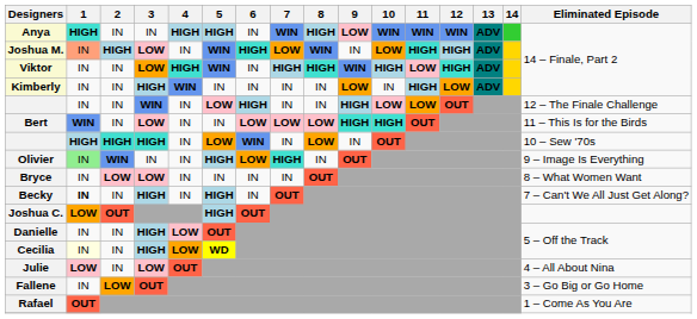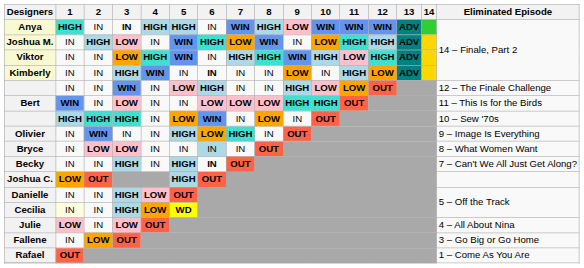 <table class="wikitable" style="text-align:center">
 <tr>
 <th>Designers</th>
 <th>1 </th>
 <th>2</th>
 <th>3</th>
 <th>4</th>
 <th>5  </th>
 <th>6</th>
 <th>7</th>
 <th>8</th>
 <th>9</th>
 <th>10 </th>
 <th>11</th>
 <th>12</th>
 <th>13</th>
 <th>14</th>
 <th>Eliminated Episode</th>
 </tr>
 <tr>
 <th style="background:#FAFAD2;">Anya</th>
 <td style="background:turquoise;"><strong>HIGH</strong></td>
 <td>IN</td>
-<td>IN</td>
+<td><strong>IN</strong></td>
 <td style="background:lightblue;"><strong>HIGH</strong></td>
 <td style="background:lightblue;"><strong>HIGH</strong></td>
 <td>IN</td>
 <td style="background:cornflowerblue;"><strong>WIN</strong></td>
 <td style="background:lightblue;"><strong>HIGH</strong></td>
 <td style="background:pink;"><strong>LOW</strong></td>
 <td style="background:cornflowerblue;"><strong>WIN</strong></td>
 <td style="background:cornflowerblue;"><strong>WIN</strong></td>
 <td style="background:cornflowerblue;"><strong>WIN</strong></td>
 <td style="background:teal;"><strong>ADV</strong></td>
 <td style="background:limegreen;"></td>
 <td style="text-align:left" rowspan="4">14 – Finale, Part 2</td>
 </tr>
 <tr>
 <th style="background:#FAFAD2;">Joshua M.</th>
-<td style="background: lightsalmon;">IN</td>
+<td>IN</td>
 <td style="background:lightblue;"><strong>HIGH</strong></td>
 <td style="background:pink;"><strong>LOW</strong></td>
 <td>IN</td>
 <td style="background:cornflowerblue;"><strong>WIN</strong></td>
 <td style="background:turquoise;"><strong>HIGH</strong></td>
 <td style="background:orange;"><strong>LOW</strong></td>
 <td style="background:cornflowerblue;"><strong>WIN</strong></td>
 <td>IN</td>
 <td style="background:orange;"><strong>LOW</strong></td>
 <td style="background:turquoise;"><strong>HIGH</strong></td>
 <td style="background:lightblue;"><strong>HIGH</strong></td>
 <td style="background:teal;"><strong>ADV</strong></td>
 <td style="background:gold;"></td>
 </tr>
 <tr>
 <th style="background:#FAFAD2;">Viktor</th>
 <td>IN</td>
 <td>IN</td>
 <td style="background:orange;"><strong>LOW</strong></td>
 <td style="background:turquoise;"><strong>HIGH</strong></td>
 <td style="background:cornflowerblue;"><strong>WIN</strong></td>
 <td>IN</td>
 <td style="background:lightblue;"><strong>HIGH</strong></td>
 <td style="background:turquoise;"><strong>HIGH</strong></td>
 <td style="background:cornflowerblue;"><strong>WIN</strong></td>
 <td style="background:lightblue;"><strong>HIGH</strong></td>
 <td style="background:pink;"><strong>LOW</strong></td>
 <td style="background:turquoise;"><strong>HIGH</strong></td>
 <td style="background:teal;"><strong>ADV</strong></td>
 <td style="background:gold;"></td>
 </tr>
 <tr>
 <th style="background:#FAFAD2;">Kimberly</th>
 <td>IN</td>
 <td>IN</td>
 <td style="background:lightblue;"><strong>HIGH</strong></td>
 <td style="background:cornflowerblue;"><strong>WIN</strong></td>
 <td>IN</td>
-<td>IN</td>
+<td><strong>IN</strong></td>
 <td>IN</td>
 <td>IN</td>
 <td style="background:orange;"><strong>LOW</strong></td>
 <td>IN</td>
 <td style="background:lightblue;"><strong>HIGH</strong></td>
 <td style="background:orange;"><strong>LOW</strong></td>
 <td style="background:teal;"><strong>ADV</strong></td>
 <td style="background:gold;"></td>
 </tr>
 <tr>
 <th></th>
 <td>IN</td>
 <td>IN</td>
 <td style="background:cornflowerblue;"><strong>WIN</strong></td>
 <td>IN</td>
 <td style="background:pink;"><strong>LOW</strong></td>
 <td style="background:lightblue;"><strong>HIGH</strong></td>
 <td>IN</td>
 <td>IN</td>
 <td style="background:lightblue;"><strong>HIGH</strong></td>
 <td style="background:pink;"><strong>LOW</strong></td>
 <td style="background:orange;"><strong>LOW</strong></td>
 <td style="background:tomato;"><strong>OUT</strong></td>
 <td style="background:darkgray;" colspan="2"></td>
 <td style="text-align:left">12 – The Finale Challenge</td>
 </tr>
 <tr>
 <th>Bert</th>
 <td style="background:cornflowerblue;"><strong>WIN</strong></td>
 <td>IN</td>
 <td style="background:pink;"><strong>LOW</strong></td>
 <td>IN</td>
 <td>IN</td>
 <td style="background:pink;"><strong>LOW</strong></td>
 <td style="background:pink;"><strong>LOW</strong></td>
 <td style="background:pink;"><strong>LOW</strong></td>
 <td style="background:turquoise;"><strong>HIGH</strong></td>
 <td style="background:turquoise;"><strong>HIGH</strong></td>
 <td style="background:tomato;"><strong>OUT</strong></td>
 <td style="background:darkgray;" colspan="3"></td>
 <td style="text-align:left">11 – This Is for the Birds</td>
 </tr>
 <tr>
 <th></th>
 <td style="background:lightblue;"><strong>HIGH</strong></td>
 <td style="background:turquoise;"><strong>HIGH</strong></td>
 <td style="background:turquoise;"><strong>HIGH</strong></td>
 <td>IN</td>
 <td style="background:orange;"><strong>LOW</strong></td>
 <td style="background:cornflowerblue;"><strong>WIN</strong></td>
 <td>IN</td>
 <td style="background:orange;"><strong>LOW</strong></td>
 <td>IN</td>
 <td style="background:tomato;"><strong>OUT</strong></td>
 <td style="background:darkgray;" colspan="4"></td>
 <td style="text-align:left">10 – Sew '70s</td>
 </tr>
 <tr>
 <th>Olivier</th>
-<td style="background: lightgreen;">IN</td>
+<td>IN</td>
 <td style="background:cornflowerblue;"><strong>WIN</strong></td>
 <td>IN</td>
 <td>IN</td>
 <td style="background:lightblue;"><strong>HIGH</strong></td>
 <td style="background:orange;"><strong>LOW</strong></td>
 <td style="background:turquoise;"><strong>HIGH</strong></td>
 <td>IN</td>
 <td style="background:tomato;"><strong>OUT</strong></td>
 <td style="background:darkgray;" colspan="5"></td>
 <td style="text-align:left">9 – Image Is Everything</td>
 </tr>
 <tr>
 <th>Bryce</th>
 <td>IN</td>
 <td style="background:pink;"><strong>LOW</strong></td>
 <td style="background:pink;"><strong>LOW</strong></td>
 <td>IN</td>
 <td style="background:">IN</td>
-<td>IN</td>
+<td style="background: lightblue;">IN</td>
 <td>IN</td>
 <td style="background:tomato;"><strong>OUT</strong></td>
 <td style="background:darkgray;" colspan="6"></td>
 <td style="text-align:left">8 – What Women Want</td>
 </tr>
 <tr>
 <th>Becky</th>
-<td><strong>IN</strong></td>
+<td>IN</td>
 <td>IN</td>
 <td style="background:lightblue;"><strong>HIGH</strong></td>
 <td>IN</td>
 <td style="background:lightblue;"><strong>HIGH</strong></td>
-<td>IN</td>
+<td><strong>IN</strong></td>
 <td style="background:tomato;"><strong>OUT</strong></td>
 <td style="background:darkgray;" colspan="7"></td>
 <td style="text-align:left">7 – Can't We All Just Get Along?</td>
 </tr>
 <tr>
 <th>Joshua C.</th>
 <td style="background:orange;"><strong>LOW</strong></td>
 <td style="background:tomato;"><strong>OUT</strong></td>
 <td style="background:darkgray;" colspan="2"></td>
 <td style="background:lightblue;"><strong>HIGH</strong></td>
 <td style="background:tomato;"><strong>OUT</strong></td>
 <td style="background:darkgray;" colspan="8"></td>
 <td style="text-align:left"></td>
 </tr>
 <tr>
 <th>Danielle</th>
 <td>IN</td>
 <td>IN</td>
 <td style="background:lightblue;"><strong>HIGH</strong></td>
 <td style="background:pink;"><strong>LOW</strong></td>
 <td style="background:tomato;"><strong>OUT</strong></td>
 <td style="background:darkgray;" colspan="9"></td>
 <td style="text-align:left" rowspan="2">5 – Off the Track</td>
 </tr>
 <tr>
 <th>Cecilia</th>
 <td style="background: lightyellow;">IN</td>
 <td>IN</td>
 <td style="background:lightblue;"><strong>HIGH</strong></td>
 <td style="background:orange;"><strong>LOW</strong></td>
 <td style="background:yellow;"><strong>WD</strong></td>
 <td style="background:darkgray;" colspan="9"></td>
 </tr>
 <tr>
 <th>Julie</th>
 <td style="background:pink;"><strong>LOW</strong></td>
 <td>IN</td>
 <td style="background:pink;"><strong>LOW</strong></td>
 <td style="background:tomato;"><strong>OUT</strong></td>
 <td style="background:darkgray;" colspan="10"></td>
 <td style="text-align:left">4 – All About Nina</td>
 </tr>
 <tr>
 <th>Fallene</th>
 <td>IN</td>
 <td style="background:orange;"><strong>LOW</strong></td>
 <td style="background:tomato;"><strong>OUT</strong></td>
 <td style="background:darkgray;" colspan="11"></td>
 <td style="text-align:left">3 – Go Big or Go Home</td>
 </tr>
 <tr>
 <th>Rafael</th>
 <td style="background:tomato;"><strong>OUT</strong></td>
 <td style="background:darkgray;" colspan="13"></td>
 <td style="text-align:left" rowspan="5">1 – Come As You Are</td>
 </tr>
 <tr>
 </tr>
 </table>
